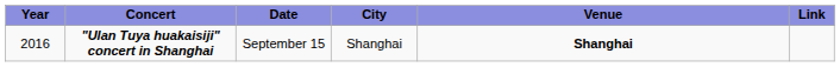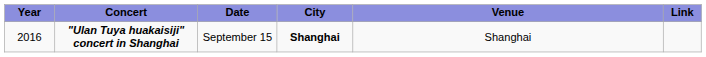 <table class="wikitable sortable mw-collapsible" width="80%" style="text-align:center">
 <tr align="center" style="background:#8B8EDE">
 <td style="width:2%"><strong>Year</strong></td>
 <td style="width:8%"><strong>Concert</strong></td>
 <td style="width:2%"><strong>Date</strong></td>
 <td style="width:2%"><strong>City</strong></td>
 <td style="width:18%"><strong>Venue</strong></td>
 <td style="width:1%"><strong>Link</strong></td>
 </tr>
 <tr>
 <td rowspan="2">2016</td>
 <td rowspan="2"><strong><em>"Ulan Tuya huakaisiji" concert in Shanghai</em></strong></td>
 <td>September 15</td>
+<td><strong>Shanghai</strong></td>
 <td>Shanghai</td>
-<td><strong>Shanghai</strong></td>
 <td></td>
 </tr>
 </table>
